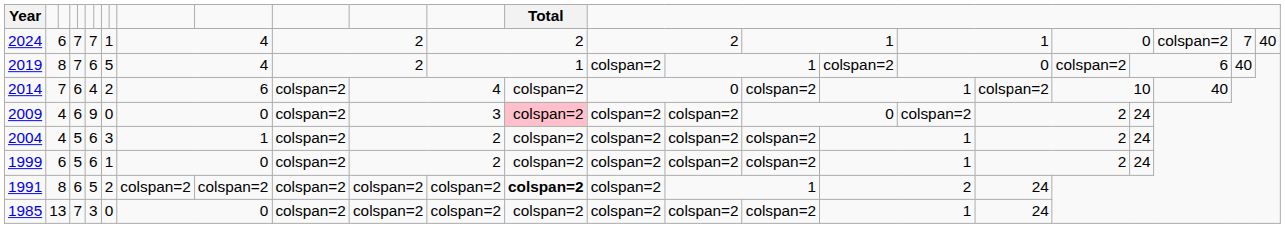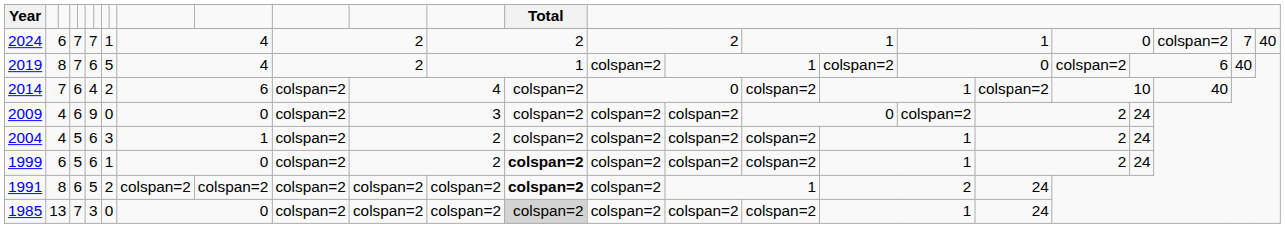 <table class="wikitable" style="text-align:right; padding-left:1em">
 <tr>
 <th align="left">Year</th>
 <td></td>
 <td></td>
 <td></td>
 <td></td>
 <td></td>
 <td></td>
 <td></td>
 <td></td>
 <td></td>
 <td></td>
 <td></td>
 <td></td>
 <td></td>
 <th align="left">Total</th>
 </tr>
 <tr>
 <td align=left><a href='#'>2024</a></td>
 <td colspan=2>6</td>
 <td colspan=2>7</td>
 <td colspan=2>7</td>
 <td colspan=2>1</td>
 <td colspan=2>4</td>
 <td colspan=2>2</td>
 <td colspan=2>2</td>
 <td colspan=2>2</td>
 <td colspan=2>1</td>
 <td colspan=2>1</td>
 <td colspan=2>0</td>
 <td>colspan=2 </td>
 <td colspan=2>7</td>
 <td>40</td>
 </tr>
 <tr>
 <td align=left><a href='#'>2019</a></td>
 <td colspan=2>8</td>
 <td colspan=2>7</td>
 <td colspan=2>6</td>
 <td colspan=2>5</td>
 <td colspan=2>4</td>
 <td colspan=2>2</td>
 <td colspan=2>1</td>
 <td>colspan=2 </td>
 <td colspan=2>1</td>
 <td>colspan=2 </td>
 <td colspan=2>0</td>
 <td>colspan=2 </td>
 <td colspan=2>6</td>
 <td>40</td>
 </tr>
 <tr>
 <td align=left><a href='#'>2014</a></td>
 <td colspan=2>7</td>
 <td colspan=2>6</td>
 <td colspan=2>4</td>
 <td colspan=2>2</td>
 <td colspan=2>6</td>
 <td>colspan=2 </td>
 <td colspan=2>4</td>
 <td>colspan=2 </td>
 <td colspan=2>0</td>
 <td>colspan=2 </td>
 <td colspan=2>1</td>
 <td>colspan=2 </td>
 <td colspan=2>10</td>
 <td>40</td>
 </tr>
 <tr>
 <td align=left><a href='#'>2009</a></td>
 <td colspan=2>4</td>
 <td colspan=2>6</td>
 <td colspan=2>9</td>
 <td colspan=2>0</td>
 <td colspan=2>0</td>
 <td>colspan=2 </td>
 <td colspan=2>3</td>
-<td style="background: pink;">colspan=2 </td>
+<td>colspan=2 </td>
 <td>colspan=2 </td>
 <td>colspan=2 </td>
 <td colspan=2>0</td>
 <td>colspan=2 </td>
 <td colspan=2>2</td>
 <td>24</td>
 </tr>
 <tr>
 <td align=left><a href='#'>2004</a></td>
 <td colspan=2>4</td>
 <td colspan=2>5</td>
 <td colspan=2>6</td>
 <td colspan=2>3</td>
 <td colspan=2>1</td>
 <td>colspan=2 </td>
 <td colspan=2>2</td>
 <td>colspan=2 </td>
 <td>colspan=2 </td>
 <td>colspan=2 </td>
 <td>colspan=2 </td>
 <td colspan=2>1</td>
 <td colspan=2>2</td>
 <td>24</td>
 </tr>
 <tr>
 <td align=left><a href='#'>1999</a></td>
 <td colspan=2>6</td>
 <td colspan=2>5</td>
 <td colspan=2>6</td>
 <td colspan=2>1</td>
 <td colspan=2>0</td>
 <td>colspan=2 </td>
 <td colspan=2>2</td>
-<td>colspan=2 </td>
+<td><strong>colspan=2 </strong></td>
 <td>colspan=2 </td>
 <td>colspan=2 </td>
 <td>colspan=2 </td>
 <td colspan=2>1</td>
 <td colspan=2>2</td>
 <td>24</td>
 </tr>
 <tr>
 <td align=left><a href='#'>1991</a></td>
 <td colspan=2>8</td>
 <td colspan=2>6</td>
 <td colspan=2>5</td>
 <td colspan=2>2</td>
 <td>colspan=2 </td>
 <td>colspan=2 </td>
 <td>colspan=2 </td>
 <td>colspan=2 </td>
 <td>colspan=2 </td>
 <td><strong>colspan=2 </strong></td>
 <td>colspan=2 </td>
 <td colspan=2>1</td>
 <td colspan=2>2</td>
 <td>24</td>
 </tr>
 <tr>
 <td align=left><a href='#'>1985</a></td>
 <td colspan=2>13</td>
 <td colspan=2>7</td>
 <td colspan=2>3</td>
 <td colspan=2>0</td>
 <td colspan=2>0</td>
 <td>colspan=2 </td>
 <td>colspan=2 </td>
 <td>colspan=2 </td>
-<td>colspan=2 </td>
+<td style="background: lightgrey;">colspan=2 </td>
 <td>colspan=2 </td>
 <td>colspan=2 </td>
 <td>colspan=2 </td>
 <td colspan=2>1</td>
 <td>24</td>
 </tr>
 </table>
